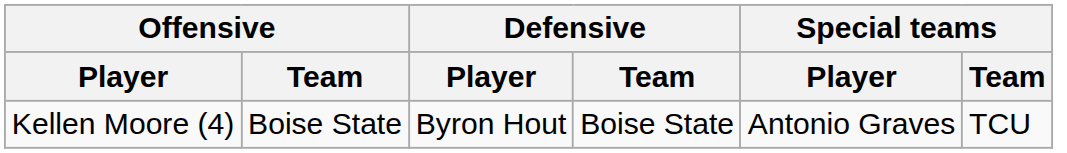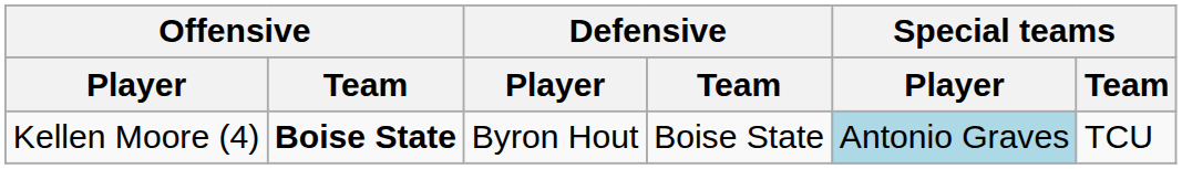 <table class="wikitable">
 <tr>
 <th colspan="2">Offensive</th>
 <th colspan="2">Defensive</th>
 <th colspan="2">Special teams</th>
 </tr>
 <tr>
 <th>Player</th>
 <th>Team</th>
 <th>Player</th>
 <th>Team</th>
 <th>Player</th>
 <th>Team</th>
 </tr>
 <tr>
 <td>Kellen Moore (4)</td>
-<td>Boise State</td>
+<td><strong>Boise State</strong></td>
 <td>Byron Hout</td>
 <td>Boise State</td>
-<td>Antonio Graves</td>
+<td style="background: lightblue;">Antonio Graves</td>
 <td>TCU</td>
 </tr>
 </table>
